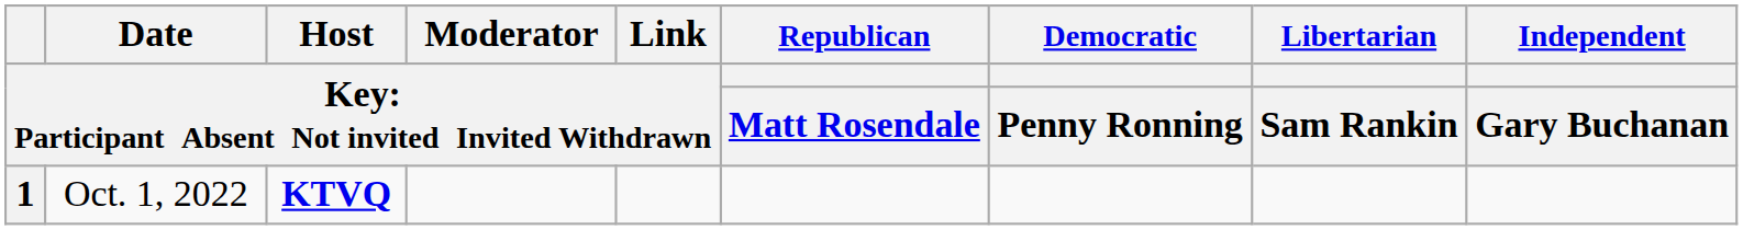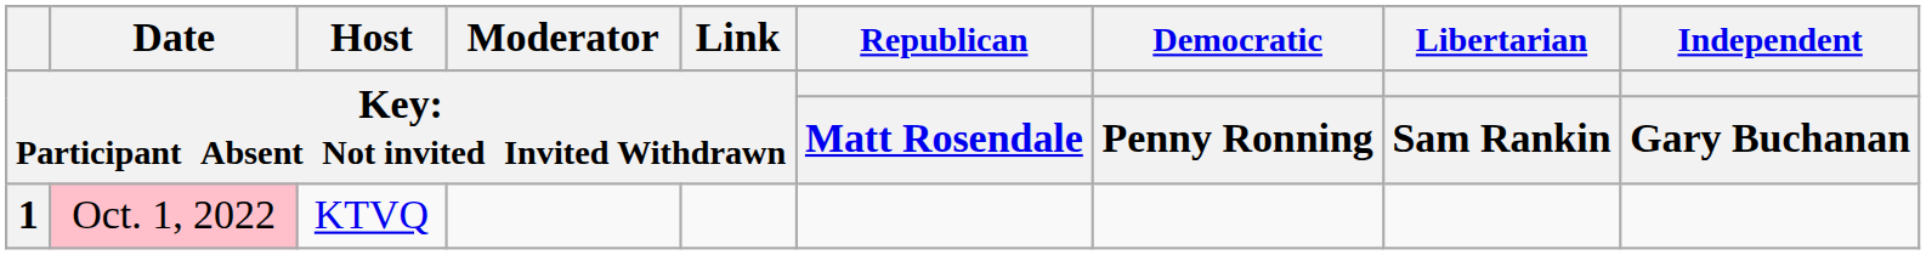 <table class="wikitable" style="text-align:center;">
 <tr>
 <th scope="col"></th>
 <th scope="col">Date</th>
 <th scope="col">Host</th>
 <th scope="col">Moderator</th>
 <th scope="col">Link</th>
 <th scope="col"><small><a href='#'>Republican</a></small></th>
 <th scope="col"><small><a href='#'>Democratic</a></small></th>
 <th scope="col"><small><a href='#'>Libertarian</a></small></th>
 <th scope="col"><small><a href='#'>Independent</a></small></th>
 </tr>
 <tr>
 <th colspan="5" rowspan="2">Key:<br> <small>Participant </small>  <small>Absent </small>  <small>Not invited </small>  <small>Invited  Withdrawn</small></th>
 <th scope="col" style="background:"></th>
 <th scope="col" style="background:"></th>
 <th scope="col" style="background:"></th>
 <th scope="col" style="background:"></th>
 </tr>
 <tr>
 <th scope="col"><a href='#'>Matt Rosendale</a></th>
 <th scope="col">Penny Ronning</th>
 <th scope="col">Sam Rankin</th>
 <th scope="col">Gary Buchanan</th>
 </tr>
 <tr>
 <th>1</th>
-<td style="white-space:nowrap;">Oct. 1, 2022</td>
-<td style="white-space:nowrap;"><strong><a href='#'>KTVQ</a></strong></td>
+<td style="background: pink; white-space:nowrap;">Oct. 1, 2022</td>
+<td style="white-space:nowrap;"><a href='#'>KTVQ</a></td>
 <td style="white-space:nowrap;"></td>
 <td style="white-space:nowrap;"></td>
 <td></td>
 <td></td>
 <td></td>
 <td></td>
 </tr>
 </table>
